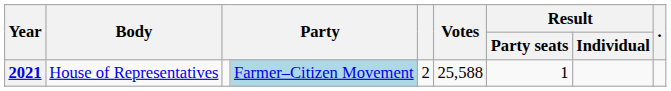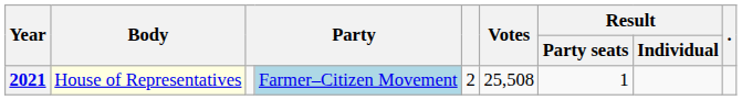 <table class="wikitable plainrowheaders sortable" border=2 cellpadding=4 cellspacing=0 style="border: 1px #aaa solid; font-size: 90%; text-align:center;">
 <tr>
 <th scope="col" rowspan=2>Year</th>
 <th scope="col" rowspan=2>Body</th>
 <th scope="col" colspan=2 rowspan=2>Party</th>
 <th scope="col" rowspan=2></th>
 <th scope="col" rowspan=2>Votes</th>
 <th scope="colgroup" colspan=2>Result</th>
 <th scope="col" rowspan=2>.</th>
 </tr>
 <tr>
 <th scope="col">Party seats</th>
 <th scope="col">Individual</th>
 </tr>
 <tr>
 <th scope="row"><a href='#'>2021</a></th>
-<td><a href='#'>House of Representatives</a></td>
+<td style="background: lightyellow;"><a href='#'>House of Representatives</a></td>
 <td style="background-color:"></td>
 <td style="background: lightblue;"><a href='#'>Farmer–Citizen Movement</a></td>
 <td style=text-align:right>2</td>
-<td style=text-align:right>25,588</td>
+<td style=text-align:right>25,508</td>
 <td style=text-align:right>1</td>
 <td></td>
 <td></td>
 </tr>
 </table>
